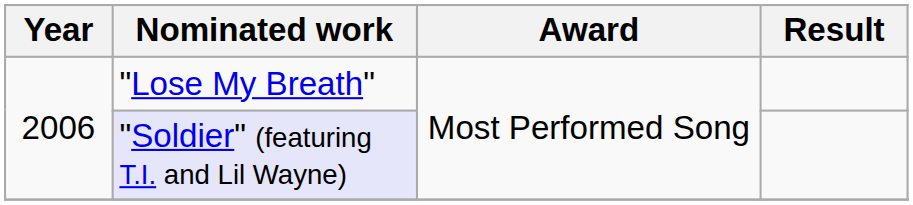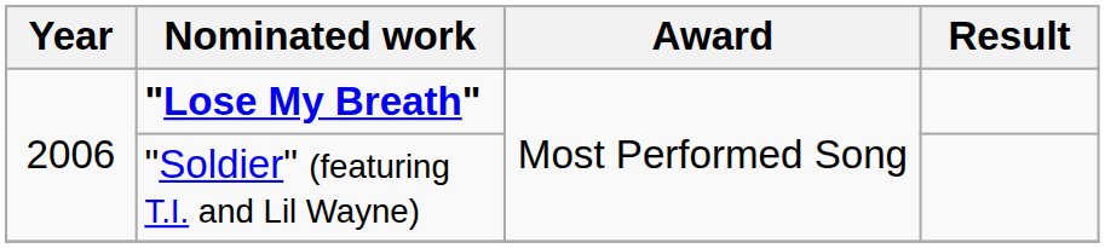 <table class="wikitable" style="width:70%;">
 <tr>
 <th style="width:3%;">Year</th>
 <th style="width:20%;">Nominated work</th>
 <th style="width:23%;">Award</th>
 <th style="width:5%;">Result</th>
 </tr>
 <tr>
 <td style="text-align:center;" rowspan="2">2006</td>
-<td>"<a href='#'>Lose My Breath</a>"</td>
+<td><strong>"<a href='#'>Lose My Breath</a>"</strong></td>
 <td align="center" rowspan="2">Most Performed Song</td>
 <td></td>
 </tr>
 <tr>
-<td style="background: lavender;">"<a href='#'>Soldier</a>" <small>(featuring <a href='#'>T.I.</a> and Lil Wayne)</small></td>
+<td>"<a href='#'>Soldier</a>" <small>(featuring <a href='#'>T.I.</a> and Lil Wayne)</small></td>
 <td></td>
 </tr>
 <tr>
 </tr>
 </table>
